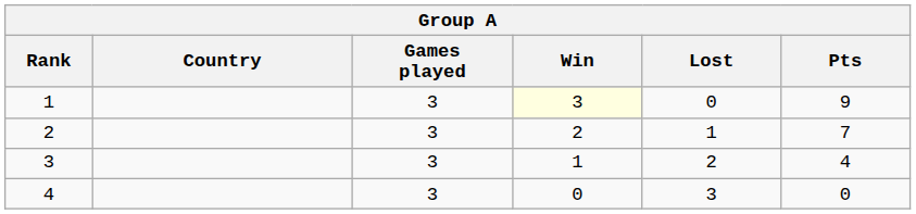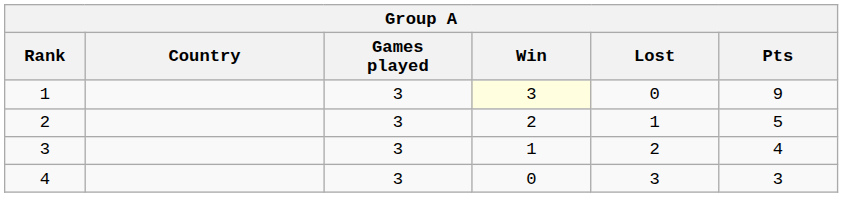 <table class="wikitable" style= "text-align: center; Width:50%">
 <tr>
 <th colspan= 6>Group A</th>
 </tr>
 <tr>
 <th width=2%>Rank</th>
 <th width=10%>Country</th>
 <th width=5%>Games <br> played</th>
 <th width=5%>Win</th>
 <th width=5%>Lost</th>
 <th width=5%>Pts</th>
 </tr>
 <tr>
 <td>1</td>
 <td style= "text-align: left"></td>
 <td>3</td>
 <td style="background: lightyellow;">3</td>
 <td>0</td>
 <td>9</td>
 </tr>
 <tr>
 <td>2</td>
 <td style= "text-align: left"></td>
 <td>3</td>
 <td>2</td>
 <td>1</td>
-<td>7</td>
+<td>5</td>
 </tr>
 <tr>
 <td>3</td>
 <td style= "text-align: left"></td>
 <td>3</td>
 <td>1</td>
 <td>2</td>
 <td>4</td>
 </tr>
 <tr>
 <td>4</td>
 <td style= "text-align: left"></td>
 <td>3</td>
 <td>0</td>
 <td>3</td>
-<td>0</td>
+<td>3</td>
 </tr>
 </table>
